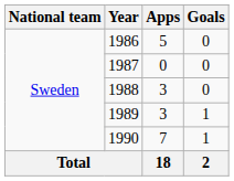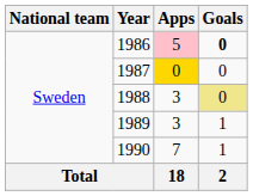 <table class="wikitable" style="text-align:center">
 <tr>
 <th>National team</th>
 <th>Year</th>
 <th>Apps</th>
 <th>Goals</th>
 </tr>
 <tr>
 <td rowspan="5"><a href='#'>Sweden</a></td>
 <td>1986</td>
-<td>5</td>
-<td>0</td>
+<td style="background: pink;">5</td>
+<td><strong>0</strong></td>
 </tr>
 <tr>
 <td>1987</td>
-<td>0</td>
+<td style="background: gold;">0</td>
 <td>0</td>
 </tr>
 <tr>
 <td>1988</td>
 <td>3</td>
-<td>0</td>
+<td style="background: khaki;">0</td>
 </tr>
 <tr>
 <td>1989</td>
 <td>3</td>
 <td>1</td>
 </tr>
 <tr>
 <td>1990</td>
 <td>7</td>
 <td>1</td>
 </tr>
 <tr>
 <th colspan="2">Total</th>
 <th>18</th>
 <th>2</th>
 </tr>
 </table>
